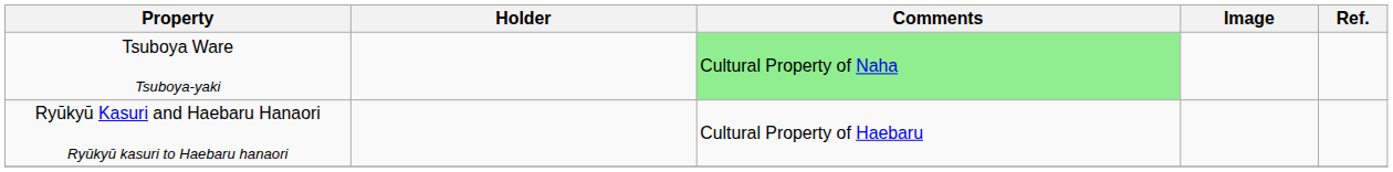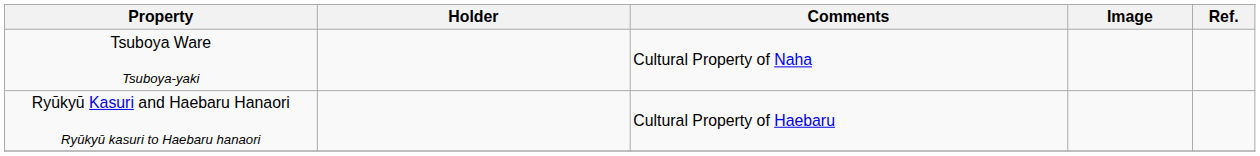 <table class="wikitable sortable"  style="width:100%;">
 <tr>
 <th width="25%" align="left">Property</th>
 <th width="25%" align="left">Holder</th>
 <th width="35%" align="left" class="unsortable">Comments</th>
 <th width="10%" align="left" class="unsortable">Image</th>
 <th width="5%" align="left" class="unsortable">Ref.</th>
 </tr>
 <tr>
 <td align="center">Tsuboya Ware<br><br><small><em>Tsuboya-yaki</em></small></td>
 <td></td>
-<td style="background: lightgreen;">Cultural Property of <a href='#'>Naha</a></td>
+<td>Cultural Property of <a href='#'>Naha</a></td>
 <td></td>
 <td></td>
 </tr>
 <tr>
 <td align="center">Ryūkyū <a href='#'>Kasuri</a> and Haebaru Hanaori<br><br><small><em>Ryūkyū kasuri to Haebaru hanaori</em></small></td>
 <td></td>
 <td>Cultural Property of <a href='#'>Haebaru</a></td>
 <td></td>
 <td></td>
 </tr>
 <tr>
 </tr>
 </table>
